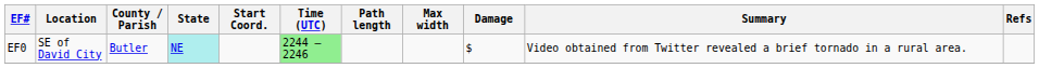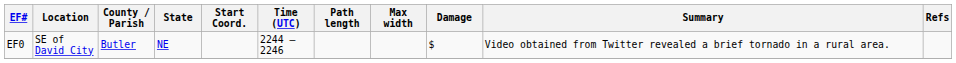 <table class="wikitable sortable" style="width:100%;">
 <tr>
 <th scope="col" width="3%" align="center"><a href='#'>EF#</a></th>
 <th scope="col" width="7%" align="center" class="unsortable">Location</th>
 <th scope="col" width="6%" align="center" class="unsortable">County / Parish</th>
 <th scope="col" width="5%" align="center">State</th>
 <th scope="col" width="6%" align="center">Start Coord.</th>
 <th scope="col" width="6%" align="center">Time (<a href='#'>UTC</a>)</th>
 <th scope="col" width="6%" align="center">Path length</th>
 <th scope="col" width="6%" align="center">Max width</th>
 <th scope="col" width="6%" align="center">Damage</th>
 <th scope="col" width="48%" class="unsortable" align="center">Summary</th>
 <th scope="col" width="48%" class="unsortable" align="center">Refs</th>
 </tr>
 <tr>
 <td>EF0</td>
 <td>SE of <a href='#'>David City</a></td>
 <td><a href='#'>Butler</a></td>
-<td style="background: paleturquoise;"><a href='#'>NE</a></td>
+<td><a href='#'>NE</a></td>
 <td></td>
-<td style="background: lightgreen;">2244 – 2246</td>
+<td>2244 – 2246</td>
 <td></td>
 <td></td>
 <td>$</td>
 <td>Video obtained from Twitter revealed a brief tornado in a rural area.</td>
 <td></td>
 </tr>
 <tr>
 </tr>
 </table>
